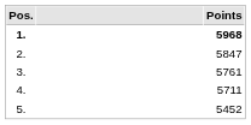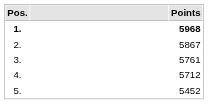 <table cellspacing="1" cellpadding="3" style="border:1px solid #AAAAAA;font-size:90%">
 <tr bgcolor="#E4E4E4">
 <th style="border-bottom:1px solid #AAAAAA" width=10>Pos.</th>
 <th style="border-bottom:1px solid #AAAAAA" width=200></th>
 <th style="border-bottom:1px solid #AAAAAA" width=20>Points</th>
 </tr>
 <tr>
 <td align="center"><strong>1.</strong></td>
 <td><strong></strong></td>
 <td align="right"><strong>5968</strong></td>
 </tr>
 <tr>
 <td align="center">2.</td>
 <td></td>
-<td align="right">5847</td>
+<td align="right">5867</td>
 </tr>
 <tr>
 <td align="center">3.</td>
 <td></td>
 <td align="right">5761</td>
 </tr>
 <tr>
 <td align="center">4.</td>
 <td></td>
-<td align="right">5711</td>
+<td align="right">5712</td>
 </tr>
 <tr>
 <td align="center">5.</td>
 <td></td>
 <td align="right">5452</td>
 </tr>
 </table>
